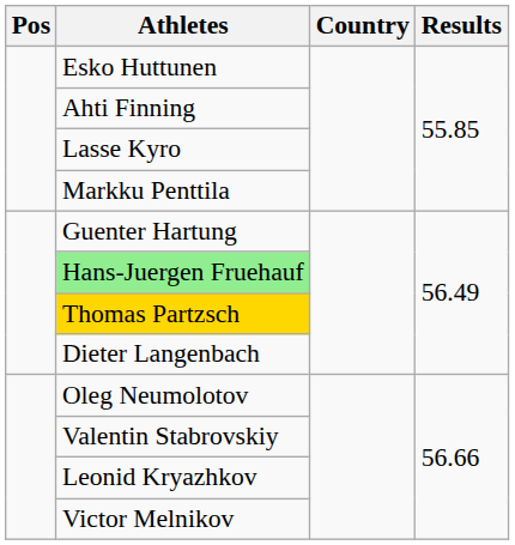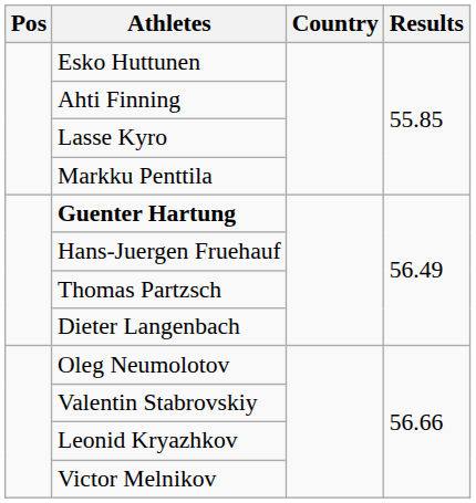 <table class="wikitable">
 <tr>
 <th>Pos</th>
 <th>Athletes</th>
 <th>Country</th>
 <th>Results</th>
 </tr>
 <tr>
 <td rowspan="4"></td>
 <td>Esko Huttunen</td>
 <td rowspan="4"></td>
 <td rowspan="4">55.85</td>
 </tr>
 <tr>
 <td>Ahti Finning</td>
 </tr>
 <tr>
 <td>Lasse Kyro</td>
 </tr>
 <tr>
 <td>Markku Penttila</td>
 </tr>
 <tr>
 <td rowspan="4"></td>
-<td>Guenter Hartung</td>
+<td><strong>Guenter Hartung</strong></td>
 <td rowspan="4"></td>
 <td rowspan="4">56.49</td>
 </tr>
 <tr>
-<td style="background: lightgreen;">Hans-Juergen Fruehauf</td>
+<td>Hans-Juergen Fruehauf</td>
 </tr>
 <tr>
-<td style="background: gold;">Thomas Partzsch</td>
+<td>Thomas Partzsch</td>
 </tr>
 <tr>
 <td>Dieter Langenbach</td>
 </tr>
 <tr>
 <td rowspan="4"></td>
 <td>Oleg Neumolotov</td>
 <td rowspan="4"></td>
 <td rowspan="4">56.66</td>
 </tr>
 <tr>
 <td>Valentin Stabrovskiy</td>
 </tr>
 <tr>
 <td>Leonid Kryazhkov</td>
 </tr>
 <tr>
 <td>Victor Melnikov</td>
 </tr>
 </table>
